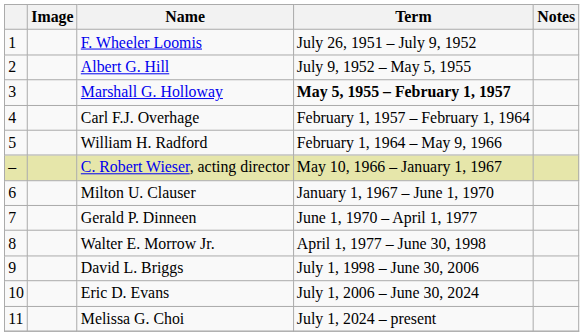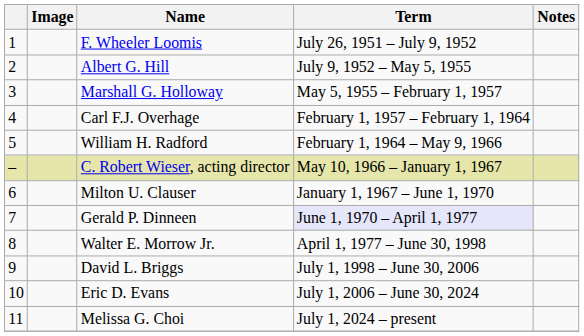 <table class="wikitable">
 <tr>
 <th></th>
 <th>Image</th>
 <th>Name</th>
 <th>Term</th>
 <th>Notes</th>
 </tr>
 <tr>
 <td>1</td>
 <td></td>
 <td><a href='#'>F. Wheeler Loomis</a></td>
 <td>July 26, 1951 – July 9, 1952</td>
 <td></td>
 </tr>
 <tr>
 <td>2</td>
 <td></td>
 <td><a href='#'>Albert G. Hill</a></td>
 <td>July 9, 1952 – May 5, 1955</td>
 <td></td>
 </tr>
 <tr>
 <td>3</td>
 <td></td>
 <td><a href='#'>Marshall G. Holloway</a></td>
-<td><strong>May 5, 1955 – February 1, 1957</strong></td>
+<td>May 5, 1955 – February 1, 1957</td>
 <td></td>
 </tr>
 <tr>
 <td>4</td>
 <td></td>
 <td>Carl F.J. Overhage</td>
 <td>February 1, 1957 – February 1, 1964</td>
 <td></td>
 </tr>
 <tr>
 <td>5</td>
 <td></td>
 <td>William H. Radford</td>
 <td>February 1, 1964 – May 9, 1966</td>
 <td></td>
 </tr>
 <tr bgcolor="#e6e6aa">
 <td>–</td>
 <td></td>
 <td><a href='#'>C. Robert Wieser</a>, acting director</td>
 <td>May 10, 1966 – January 1, 1967</td>
 <td></td>
 </tr>
 <tr>
 <td>6</td>
 <td></td>
 <td>Milton U. Clauser</td>
 <td>January 1, 1967 – June 1, 1970</td>
 <td></td>
 </tr>
 <tr>
 <td>7</td>
 <td></td>
 <td>Gerald P. Dinneen</td>
-<td>June 1, 1970 – April 1, 1977</td>
+<td style="background: lavender;">June 1, 1970 – April 1, 1977</td>
 <td></td>
 </tr>
 <tr>
 <td>8</td>
 <td></td>
 <td>Walter E. Morrow Jr.</td>
 <td>April 1, 1977 – June 30, 1998</td>
 <td></td>
 </tr>
 <tr>
 <td>9</td>
 <td></td>
 <td>David L. Briggs</td>
 <td>July 1, 1998 – June 30, 2006</td>
 <td></td>
 </tr>
 <tr>
 <td>10</td>
 <td></td>
 <td>Eric D. Evans</td>
 <td>July 1, 2006 – June 30, 2024</td>
 <td></td>
 </tr>
 <tr>
 <td>11</td>
 <td></td>
 <td>Melissa G. Choi</td>
 <td>July 1, 2024 – present</td>
 <td></td>
 </tr>
 <tr>
 </tr>
 </table>
